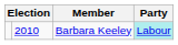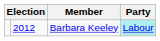 <table class="wikitable">
 <tr>
 <th colspan="2">Election</th>
 <th>Member</th>
 <th>Party</th>
 </tr>
 <tr>
 <td style="color:inherit;background-color: "></td>
-<td><a href='#'>2010</a></td>
+<td><a href='#'>2012</a></td>
 <td><a href='#'>Barbara Keeley</a></td>
 <td style="background: paleturquoise;"><a href='#'>Labour</a></td>
 </tr>
 </table>
